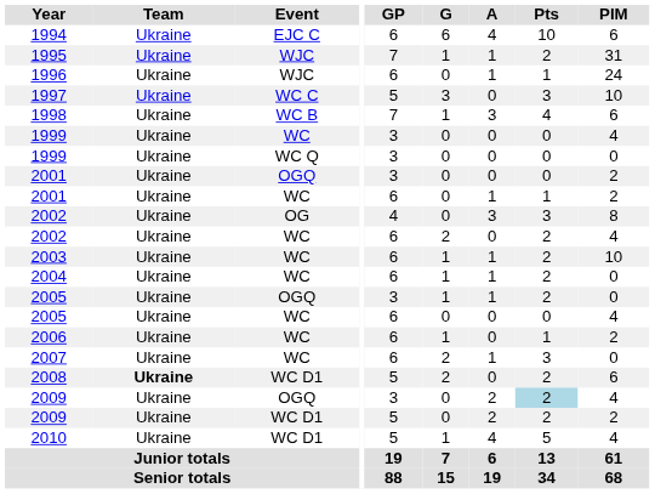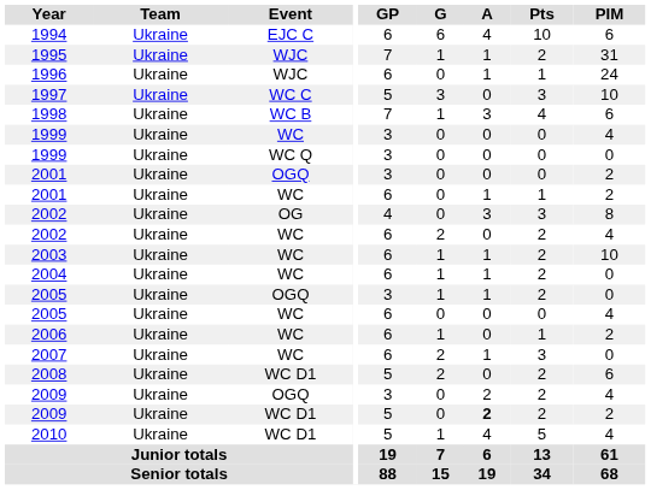 <table border="0" cellpadding="1" cellspacing="0" style="text-align:center; width:40em">
 <tr bgcolor="#e0e0e0">
 <th>Year</th>
 <th>Team</th>
 <th>Event</th>
 <th rowspan="99" bgcolor="#ffffff"></th>
 <th>GP</th>
 <th>G</th>
 <th>A</th>
 <th>Pts</th>
 <th>PIM</th>
 </tr>
 <tr>
 <td><a href='#'>1994</a></td>
 <td><a href='#'>Ukraine</a></td>
 <td><a href='#'>EJC C</a></td>
 <td>6</td>
 <td>6</td>
 <td>4</td>
 <td>10</td>
 <td>6</td>
 </tr>
 <tr bgcolor="#f0f0f0">
 <td><a href='#'>1995</a></td>
 <td><a href='#'>Ukraine</a></td>
 <td><a href='#'>WJC</a></td>
 <td>7</td>
 <td>1</td>
 <td>1</td>
 <td>2</td>
 <td>31</td>
 </tr>
 <tr>
 <td><a href='#'>1996</a></td>
 <td>Ukraine</td>
 <td>WJC</td>
 <td>6</td>
 <td>0</td>
 <td>1</td>
 <td>1</td>
 <td>24</td>
 </tr>
 <tr bgcolor="#f0f0f0">
 <td><a href='#'>1997</a></td>
 <td><a href='#'>Ukraine</a></td>
 <td><a href='#'>WC C</a></td>
 <td>5</td>
 <td>3</td>
 <td>0</td>
 <td>3</td>
 <td>10</td>
 </tr>
 <tr>
 <td><a href='#'>1998</a></td>
 <td>Ukraine</td>
 <td><a href='#'>WC B</a></td>
 <td>7</td>
 <td>1</td>
 <td>3</td>
 <td>4</td>
 <td>6</td>
 </tr>
 <tr bgcolor="#f0f0f0">
 <td><a href='#'>1999</a></td>
 <td>Ukraine</td>
 <td><a href='#'>WC</a></td>
 <td>3</td>
 <td>0</td>
 <td>0</td>
 <td>0</td>
 <td>4</td>
 </tr>
 <tr>
 <td><a href='#'>1999</a></td>
 <td>Ukraine</td>
 <td>WC Q</td>
 <td>3</td>
 <td>0</td>
 <td>0</td>
 <td>0</td>
 <td>0</td>
 </tr>
 <tr bgcolor="#f0f0f0">
 <td><a href='#'>2001</a></td>
 <td>Ukraine</td>
 <td><a href='#'>OGQ</a></td>
 <td>3</td>
 <td>0</td>
 <td>0</td>
 <td>0</td>
 <td>2</td>
 </tr>
 <tr>
 <td><a href='#'>2001</a></td>
 <td>Ukraine</td>
 <td>WC</td>
 <td>6</td>
 <td>0</td>
 <td>1</td>
 <td>1</td>
 <td>2</td>
 </tr>
 <tr bgcolor="#f0f0f0">
 <td><a href='#'>2002</a></td>
 <td>Ukraine</td>
 <td>OG</td>
 <td>4</td>
 <td>0</td>
 <td>3</td>
 <td>3</td>
 <td>8</td>
 </tr>
 <tr>
 <td><a href='#'>2002</a></td>
 <td>Ukraine</td>
 <td>WC</td>
 <td>6</td>
 <td>2</td>
 <td>0</td>
 <td>2</td>
 <td>4</td>
 </tr>
 <tr bgcolor="#f0f0f0">
 <td><a href='#'>2003</a></td>
 <td>Ukraine</td>
 <td>WC</td>
 <td>6</td>
 <td>1</td>
 <td>1</td>
 <td>2</td>
 <td>10</td>
 </tr>
 <tr>
 <td><a href='#'>2004</a></td>
 <td>Ukraine</td>
 <td>WC</td>
 <td>6</td>
 <td>1</td>
 <td>1</td>
 <td>2</td>
 <td>0</td>
 </tr>
 <tr bgcolor="#f0f0f0">
 <td><a href='#'>2005</a></td>
 <td>Ukraine</td>
 <td>OGQ</td>
 <td>3</td>
 <td>1</td>
 <td>1</td>
 <td>2</td>
 <td>0</td>
 </tr>
 <tr>
 <td><a href='#'>2005</a></td>
 <td>Ukraine</td>
 <td>WC</td>
 <td>6</td>
 <td>0</td>
 <td>0</td>
 <td>0</td>
 <td>4</td>
 </tr>
 <tr bgcolor="#f0f0f0">
 <td><a href='#'>2006</a></td>
 <td>Ukraine</td>
 <td>WC</td>
 <td>6</td>
 <td>1</td>
 <td>0</td>
 <td>1</td>
 <td>2</td>
 </tr>
 <tr>
 <td><a href='#'>2007</a></td>
 <td>Ukraine</td>
 <td>WC</td>
 <td>6</td>
 <td>2</td>
 <td>1</td>
 <td>3</td>
 <td>0</td>
 </tr>
 <tr bgcolor="#f0f0f0">
 <td><a href='#'>2008</a></td>
-<td><strong>Ukraine</strong></td>
+<td>Ukraine</td>
 <td>WC D1</td>
 <td>5</td>
 <td>2</td>
 <td>0</td>
 <td>2</td>
 <td>6</td>
 </tr>
 <tr>
 <td><a href='#'>2009</a></td>
 <td>Ukraine</td>
 <td>OGQ</td>
 <td>3</td>
 <td>0</td>
 <td>2</td>
-<td style="background: lightblue;">2</td>
+<td>2</td>
 <td>4</td>
 </tr>
 <tr bgcolor="#f0f0f0">
 <td><a href='#'>2009</a></td>
 <td>Ukraine</td>
 <td>WC D1</td>
 <td>5</td>
 <td>0</td>
-<td>2</td>
+<td><strong>2</strong></td>
 <td>2</td>
 <td>2</td>
 </tr>
 <tr>
 <td><a href='#'>2010</a></td>
 <td>Ukraine</td>
 <td>WC D1</td>
 <td>5</td>
 <td>1</td>
 <td>4</td>
 <td>5</td>
 <td>4</td>
 </tr>
 <tr bgcolor="#e0e0e0">
 <th colspan="3">Junior totals</th>
 <th>19</th>
 <th>7</th>
 <th>6</th>
 <th>13</th>
 <th>61</th>
 </tr>
 <tr bgcolor="#e0e0e0">
 <th colspan="3">Senior totals</th>
 <th>88</th>
 <th>15</th>
 <th>19</th>
 <th>34</th>
 <th>68</th>
 </tr>
 </table>
